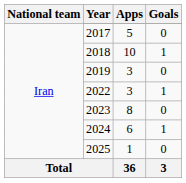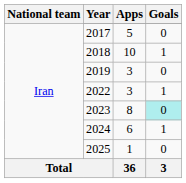 <table class="wikitable" style="text-align:center">
 <tr>
 <th>National team</th>
 <th>Year</th>
 <th>Apps</th>
 <th>Goals</th>
 </tr>
 <tr>
 <td rowspan="8"><a href='#'>Iran</a></td>
 </tr>
 <tr>
 <td>2017</td>
 <td>5</td>
 <td>0</td>
 </tr>
 <tr>
 <td>2018</td>
 <td>10</td>
 <td>1</td>
 </tr>
 <tr>
 <td>2019</td>
 <td>3</td>
 <td>0</td>
 </tr>
 <tr>
 <td>2022</td>
 <td>3</td>
 <td>1</td>
 </tr>
 <tr>
 <td>2023</td>
 <td>8</td>
-<td>0</td>
+<td style="background: paleturquoise;">0</td>
 </tr>
 <tr>
 <td>2024</td>
 <td>6</td>
 <td>1</td>
 </tr>
 <tr>
 <td>2025</td>
 <td>1</td>
 <td>0</td>
 </tr>
 <tr>
 <th colspan=2>Total</th>
 <th>36</th>
 <th>3</th>
 </tr>
 </table>
